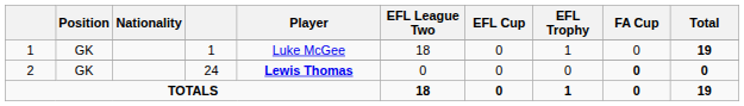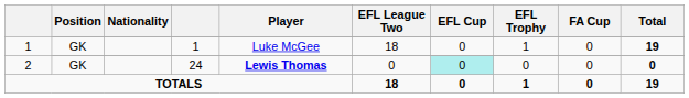 <table class="wikitable" style="font-size: 95%; text-align: center;">
 <tr>
 <th width=60></th>
 <th width=60>Position</th>
 <th width=80>Nationality</th>
 <th width=60></th>
 <th width=180>Player</th>
 <th width=100>EFL League Two</th>
 <th width=80>EFL Cup</th>
 <th width=80>EFL Trophy</th>
 <th width=80>FA Cup</th>
 <th width=80>Total</th>
 </tr>
 <tr>
 <td rowspan="2">1</td>
 </tr>
 <tr>
 <td>GK</td>
 <td></td>
 <td>1</td>
 <td><a href='#'>Luke McGee</a></td>
 <td>18</td>
 <td>0</td>
 <td>1</td>
 <td>0</td>
 <td><strong>19</strong></td>
 </tr>
 <tr>
 <td rowspan="2">2</td>
 </tr>
 <tr>
 <td>GK</td>
 <td></td>
 <td>24</td>
 <td><strong><a href='#'>Lewis Thomas</a></strong></td>
 <td>0</td>
+<td style="background: paleturquoise;">0</td>
 <td>0</td>
 <td>0</td>
-<td><strong>0</strong></td>
 <td><strong>0</strong></td>
 </tr>
 <tr>
 <td colspan=5><strong>TOTALS</strong></td>
 <td><strong>18</strong></td>
 <td><strong>0</strong></td>
 <td><strong>1</strong></td>
 <td><strong>0</strong></td>
 <td><strong>19</strong></td>
 </tr>
 </table>
